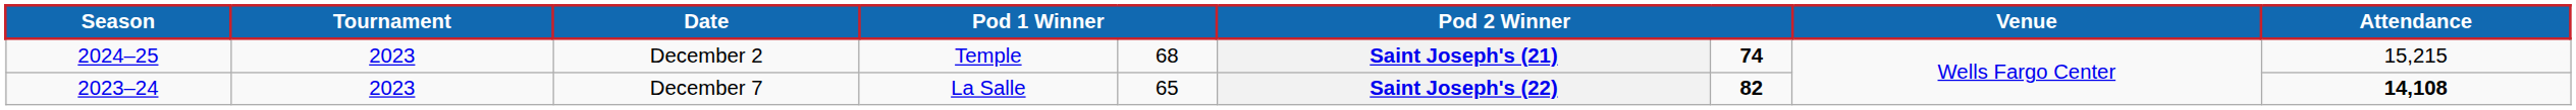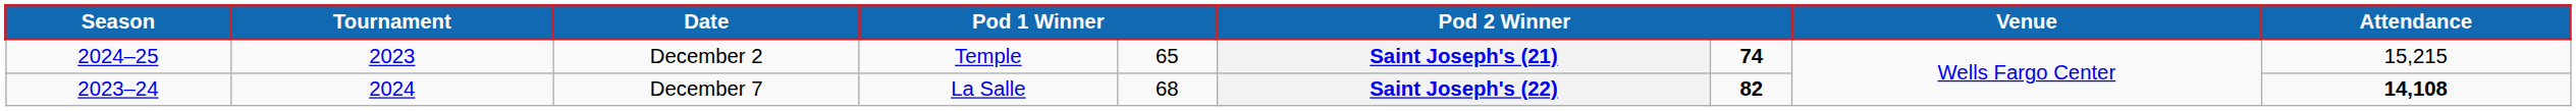 <table class="wikitable" style="text-align:center;" width=100%>
 <tr>
 <th style="background:#1169B1; color:#FFFFFF; border: 2px solid #CA212A;">Season</th>
 <th style="background:#1169B1; color:#FFFFFF; border: 2px solid #CA212A;">Tournament</th>
 <th style="background:#1169B1; color:#FFFFFF; border: 2px solid #CA212A;">Date</th>
 <th colspan="2" style="background:#1169B1; color:#FFFFFF; border: 2px solid #CA212A;">Pod 1 Winner</th>
 <th colspan="2" style="background:#1169B1; color:#FFFFFF; border: 2px solid #CA212A;">Pod 2 Winner</th>
 <th style="background:#1169B1; color:#FFFFFF; border: 2px solid #CA212A;">Venue</th>
 <th style="background:#1169B1; color:#FFFFFF; border: 2px solid #CA212A;">Attendance</th>
 </tr>
 <tr>
 <td><a href='#'>2024–25</a></td>
 <td><a href='#'>2023</a></td>
 <td>December 2</td>
 <td><a href='#'>Temple</a></td>
-<td>68</td>
+<td>65</td>
 <th><a href='#'><span>Saint Joseph's (21)</span></a></th>
 <td><strong>74</strong></td>
 <td rowspan="2"><a href='#'>Wells Fargo Center</a></td>
 <td>15,215</td>
 </tr>
 <tr>
 <td><a href='#'>2023–24</a></td>
-<td><a href='#'>2023</a></td>
+<td><a href='#'>2024</a></td>
 <td>December 7</td>
 <td><a href='#'>La Salle</a></td>
-<td>65</td>
+<td>68</td>
 <th><a href='#'><span>Saint Joseph's (22)</span></a></th>
 <td><strong>82</strong></td>
 <td><strong>14,108</strong></td>
 </tr>
 </table>
